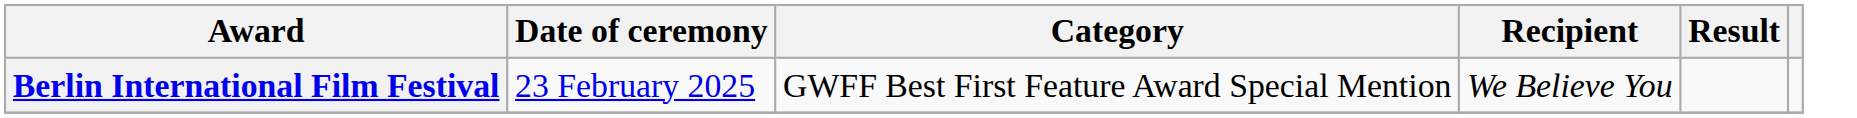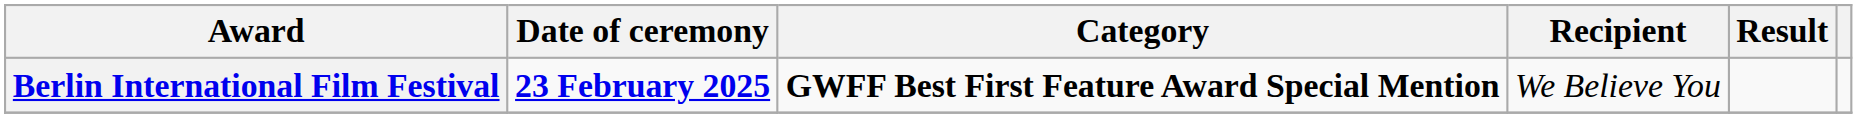 <table class="wikitable sortable plainrowheaders">
 <tr>
 <th>Award</th>
 <th>Date of ceremony</th>
 <th>Category</th>
 <th>Recipient</th>
 <th>Result</th>
 <th></th>
 </tr>
 <tr>
 <th scope="row" rowspan="1"><a href='#'>Berlin International Film Festival</a></th>
-<td rowspan="1"><a href='#'>23 February 2025</a></td>
-<td>GWFF Best First Feature Award Special Mention</td>
+<td rowspan="1"><strong><a href='#'>23 February 2025</a></strong></td>
+<td><strong>GWFF Best First Feature Award Special Mention</strong></td>
 <td><em>We Believe You</em></td>
 <td></td>
 <td align="center"></td>
 </tr>
 <tr>
 </tr>
 </table>
